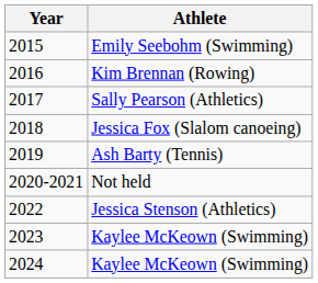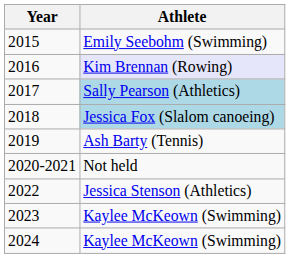 <table class="wikitable">
 <tr>
 <th>Year</th>
 <th>Athlete</th>
 </tr>
 <tr>
 <td>2015</td>
 <td><a href='#'>Emily Seebohm</a> (Swimming)</td>
 </tr>
 <tr>
 <td>2016</td>
-<td><a href='#'>Kim Brennan</a> (Rowing)</td>
+<td style="background: lavender;"><a href='#'>Kim Brennan</a> (Rowing)</td>
 </tr>
 <tr>
 <td>2017</td>
-<td><a href='#'>Sally Pearson</a> (Athletics)</td>
+<td style="background: lightblue;"><a href='#'>Sally Pearson</a> (Athletics)</td>
 </tr>
 <tr>
 <td>2018</td>
-<td><a href='#'>Jessica Fox</a> (Slalom canoeing)</td>
+<td style="background: lightblue;"><a href='#'>Jessica Fox</a> (Slalom canoeing)</td>
 </tr>
 <tr>
 <td>2019</td>
 <td><a href='#'>Ash Barty</a> (Tennis)</td>
 </tr>
 <tr>
 <td>2020-2021</td>
 <td>Not held</td>
 </tr>
 <tr>
 <td>2022</td>
 <td><a href='#'>Jessica Stenson</a> (Athletics)</td>
 </tr>
 <tr>
 <td>2023</td>
 <td><a href='#'>Kaylee McKeown</a> (Swimming)</td>
 </tr>
 <tr>
 <td>2024</td>
 <td><a href='#'>Kaylee McKeown</a> (Swimming)</td>
 </tr>
 </table>
